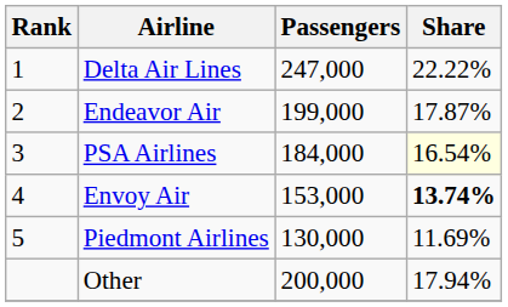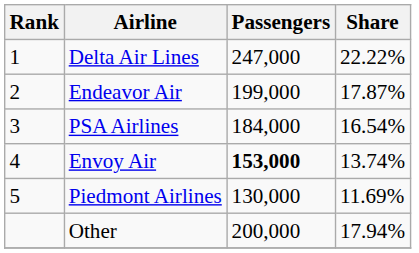 <table class="wikitable sortable" style="font-size: 95%">
 <tr>
 <th>Rank</th>
 <th>Airline</th>
 <th>Passengers</th>
 <th>Share</th>
 </tr>
 <tr>
 <td>1</td>
 <td><a href='#'>Delta Air Lines</a></td>
 <td>247,000</td>
 <td>22.22%</td>
 </tr>
 <tr>
 <td>2</td>
 <td><a href='#'>Endeavor Air</a></td>
 <td>199,000</td>
 <td>17.87%</td>
 </tr>
 <tr>
 <td>3</td>
 <td><a href='#'>PSA Airlines</a></td>
 <td>184,000</td>
-<td style="background: lightyellow;">16.54%</td>
+<td>16.54%</td>
 </tr>
 <tr>
 <td>4</td>
 <td><a href='#'>Envoy Air</a></td>
-<td>153,000</td>
-<td><strong>13.74%</strong></td>
+<td><strong>153,000</strong></td>
+<td>13.74%</td>
 </tr>
 <tr>
 <td>5</td>
 <td><a href='#'>Piedmont Airlines</a></td>
 <td>130,000</td>
 <td>11.69%</td>
 </tr>
 <tr>
 <td></td>
 <td>Other</td>
 <td>200,000</td>
 <td>17.94%</td>
 </tr>
 <tr>
 </tr>
 </table>
